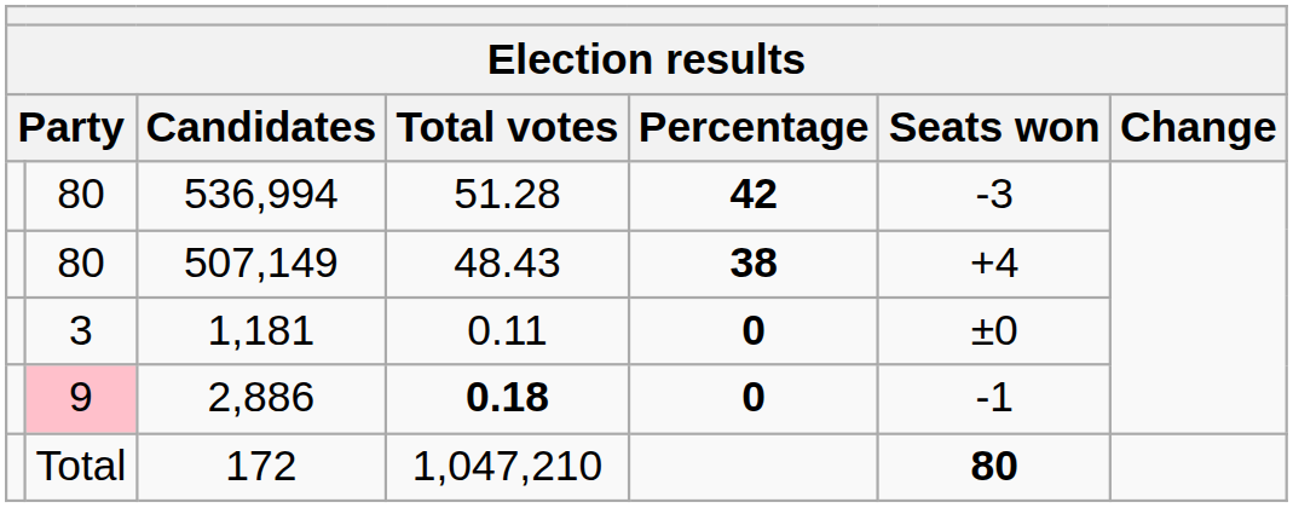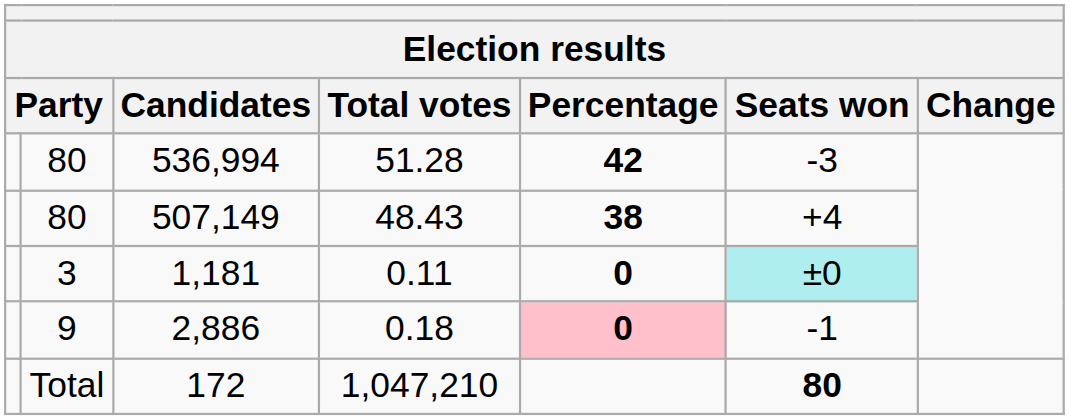 <table class=wikitable>
 <tr>
 <th colspan=7></th>
 </tr>
 <tr>
 <th colspan=7>Election results</th>
 </tr>
 <tr>
 <th colspan=2>Party</th>
 <th align=center>Candidates</th>
 <th align=right>Total votes</th>
 <th align=right>Percentage</th>
 <th align=center>Seats won</th>
 <th align=center>Change</th>
 </tr>
 <tr>
 <td></td>
 <td align=center>80</td>
 <td align=center>536,994</td>
 <td align=center>51.28</td>
 <td align=center><strong>42</strong></td>
 <td align=center>-3</td>
 </tr>
 <tr>
 <td></td>
 <td align=center>80</td>
 <td align=center>507,149</td>
 <td align=center>48.43</td>
 <td align=center><strong>38</strong></td>
 <td align=center>+4</td>
 </tr>
 <tr>
 <td></td>
 <td align=center>3</td>
 <td align=center>1,181</td>
 <td align=center>0.11</td>
 <td align=center><strong>0</strong></td>
-<td align=center>±0</td>
+<td align=center style="background: paleturquoise;">±0</td>
 </tr>
 <tr>
 <td></td>
-<td align=center style="background: pink;">9</td>
+<td align=center>9</td>
 <td align=center>2,886</td>
-<td align=center><strong>0.18</strong></td>
-<td align=center><strong>0</strong></td>
+<td align=center>0.18</td>
+<td align=center style="background: pink;"><strong>0</strong></td>
 <td align=center>-1</td>
 </tr>
 <tr>
 <td></td>
 <td>Total</td>
 <td align=center>172</td>
 <td align=center>1,047,210</td>
 <td align=center></td>
 <td align=center><strong>80</strong></td>
 <td align=center></td>
 </tr>
 </table>
